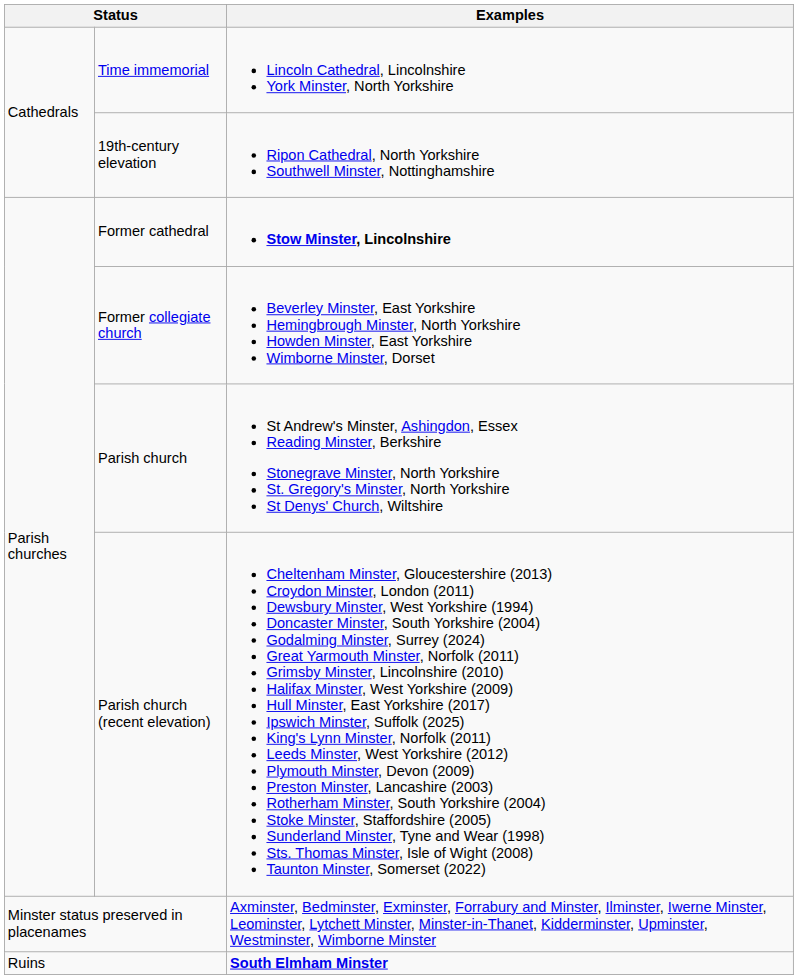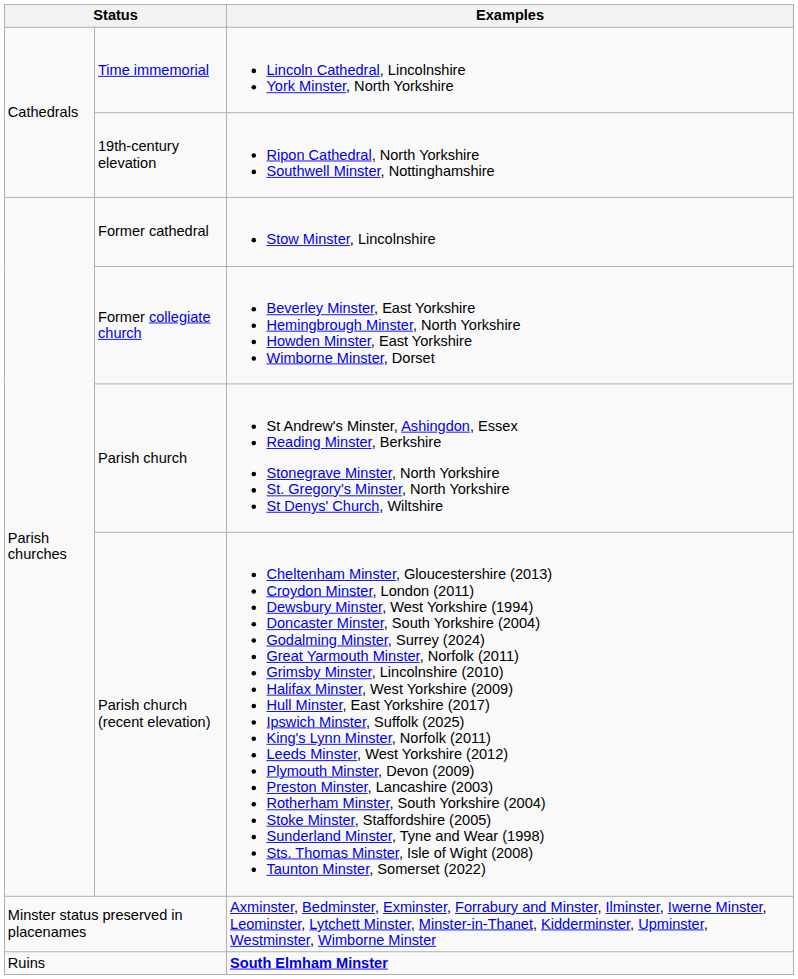 <table class="wikitable" border="1">
 <tr>
 <th colspan="2">Status</th>
 <th>Examples</th>
 </tr>
 <tr>
 <td rowspan="2">Cathedrals</td>
 <td><a href='#'>Time immemorial</a></td>
 <td><br><ul><li><a href='#'>Lincoln Cathedral</a>, Lincolnshire</li><li><a href='#'>York Minster</a>, North Yorkshire</li></ul></td>
 </tr>
 <tr>
 <td>19th-century elevation</td>
 <td><br><ul><li><a href='#'>Ripon Cathedral</a>, North Yorkshire</li><li><a href='#'>Southwell Minster</a>, Nottinghamshire</li></ul></td>
 </tr>
 <tr>
 <td rowspan="4">Parish churches</td>
 <td>Former cathedral</td>
-<td><strong><br><ul><li><a href='#'>Stow Minster</a>, Lincolnshire</li></ul></strong></td>
+<td><br><ul><li><a href='#'>Stow Minster</a>, Lincolnshire</li></ul></td>
 </tr>
 <tr>
 <td>Former <a href='#'>collegiate church</a></td>
 <td><br><ul><li><a href='#'>Beverley Minster</a>, East Yorkshire</li><li><a href='#'>Hemingbrough Minster</a>, North Yorkshire</li><li><a href='#'>Howden Minster</a>, East Yorkshire</li><li><a href='#'>Wimborne Minster</a>, Dorset</li></ul></td>
 </tr>
 <tr>
 <td>Parish church</td>
 <td><br><ul><li>St Andrew's Minster, <a href='#'>Ashingdon</a>, Essex</li><li><a href='#'>Reading Minster</a>, Berkshire</li></ul><ul><li><a href='#'>Stonegrave Minster</a>, North Yorkshire</li><li><a href='#'>St. Gregory's Minster</a>, North Yorkshire</li><li><a href='#'>St Denys' Church</a>, Wiltshire</li></ul></td>
 </tr>
 <tr>
 <td>Parish church (recent elevation)</td>
 <td><br><ul><li><a href='#'>Cheltenham Minster</a>, Gloucestershire (2013)</li><li><a href='#'>Croydon Minster</a>, London (2011)</li><li><a href='#'>Dewsbury Minster</a>, West Yorkshire (1994)</li><li><a href='#'>Doncaster Minster</a>, South Yorkshire (2004)</li><li><a href='#'>Godalming Minster</a>, Surrey (2024)</li><li><a href='#'>Great Yarmouth Minster</a>, Norfolk (2011)</li><li><a href='#'>Grimsby Minster</a>, Lincolnshire (2010)</li><li><a href='#'>Halifax Minster</a>, West Yorkshire (2009)</li><li><a href='#'>Hull Minster</a>, East Yorkshire (2017)</li><li><a href='#'>Ipswich Minster</a>, Suffolk (2025)</li><li><a href='#'>King's Lynn Minster</a>, Norfolk (2011)</li><li><a href='#'>Leeds Minster</a>, West Yorkshire (2012)</li><li><a href='#'>Plymouth Minster</a>, Devon (2009)</li><li><a href='#'>Preston Minster</a>, Lancashire (2003)</li><li><a href='#'>Rotherham Minster</a>, South Yorkshire (2004)</li><li><a href='#'>Stoke Minster</a>, Staffordshire (2005)</li><li><a href='#'>Sunderland Minster</a>, Tyne and Wear (1998)</li><li><a href='#'>Sts. Thomas Minster</a>, Isle of Wight (2008)</li><li><a href='#'>Taunton Minster</a>, Somerset (2022)</li></ul></td>
 </tr>
 <tr>
 <td colspan="2">Minster status preserved in placenames</td>
 <td><a href='#'>Axminster</a>, <a href='#'>Bedminster</a>, <a href='#'>Exminster</a>, <a href='#'>Forrabury and Minster</a>, <a href='#'>Ilminster</a>, <a href='#'>Iwerne Minster</a>, <a href='#'>Leominster</a>, <a href='#'>Lytchett Minster</a>, <a href='#'>Minster-in-Thanet</a>, <a href='#'>Kidderminster</a>, <a href='#'>Upminster</a>, <a href='#'>Westminster</a>, <a href='#'>Wimborne Minster</a></td>
 </tr>
 <tr>
 <td colspan="2">Ruins</td>
 <td><strong><a href='#'>South Elmham Minster</a></strong></td>
 </tr>
 </table>
